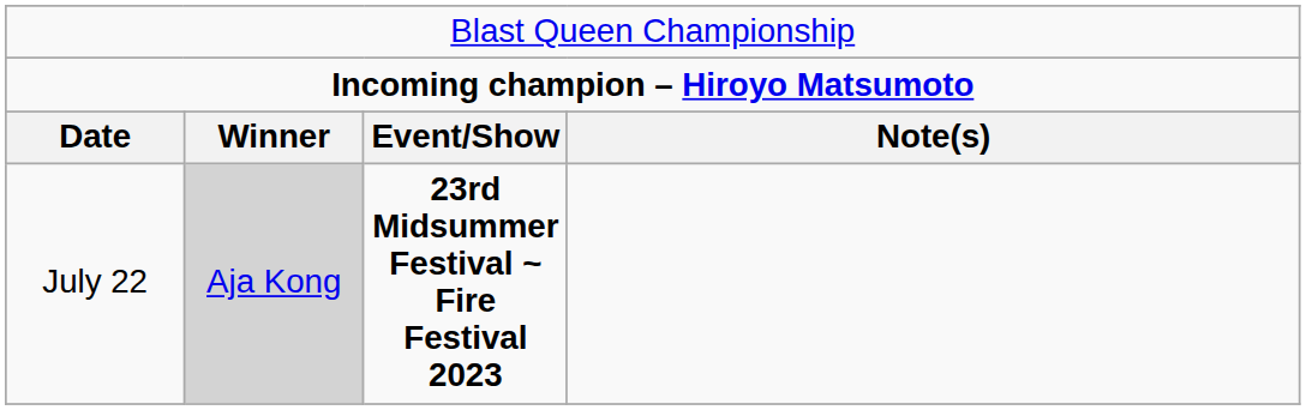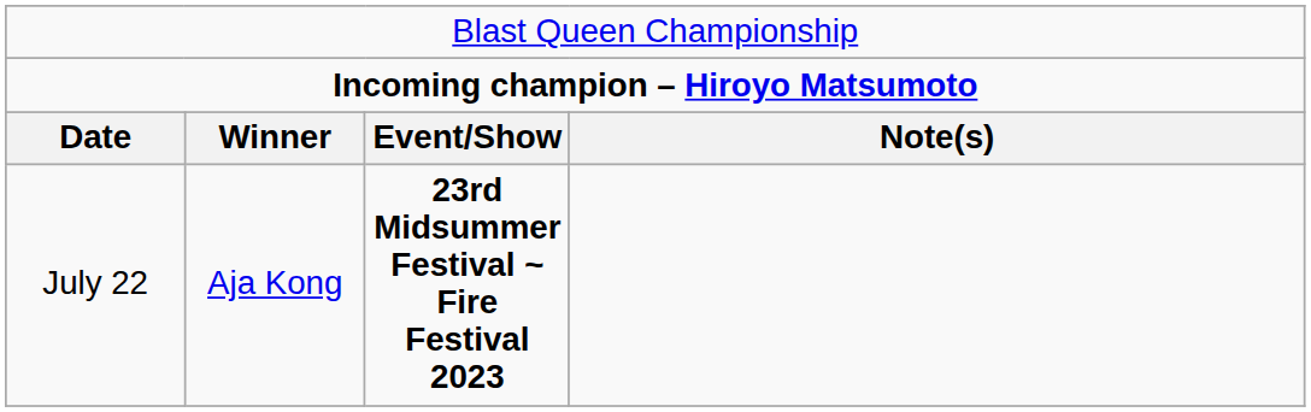 <table class="wikitable" style="text-align:center; width:100%;">
 <tr>
 <td colspan="5" style="text-align: center;"><a href='#'>Blast Queen Championship</a></td>
 </tr>
 <tr>
 <td colspan="5" style="text-align: center;"><strong>Incoming champion – <a href='#'>Hiroyo Matsumoto</a></strong></td>
 </tr>
 <tr>
 <th width=14%>Date</th>
 <th width=14%>Winner</th>
 <th width=14%>Event/Show</th>
 <th width=58%>Note(s)</th>
 </tr>
 <tr>
 <td>July 22</td>
-<td style="background: lightgrey;"><a href='#'>Aja Kong</a></td>
+<td><a href='#'>Aja Kong</a></td>
 <td><strong>23rd Midsummer Festival ~ Fire Festival 2023<br></strong></td>
 <td></td>
 </tr>
 </table>
